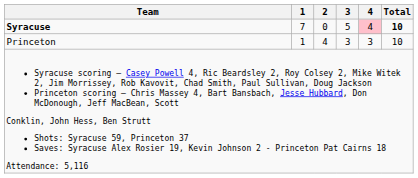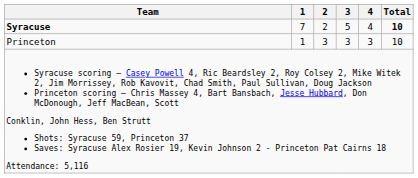 <table class="wikitable" style="text-align:center; max-width:45em">
 <tr>
 <th>Team</th>
 <th style="width:2em">1</th>
 <th style="width:2em">2</th>
 <th style="width:2em">3</th>
 <th style="width:2em">4</th>
 <th style="width:2em">Total</th>
 </tr>
 <tr>
 <td style="text-align:left"><strong>Syracuse</strong></td>
 <td>7</td>
-<td>0</td>
+<td>2</td>
 <td>5</td>
-<td style="background: pink;">4</td>
+<td>4</td>
 <td><strong>10</strong></td>
 </tr>
 <tr>
 <td style="text-align:left">Princeton</td>
 <td>1</td>
-<td>4</td>
+<td>3</td>
 <td>3</td>
 <td>3</td>
 <td>10</td>
 </tr>
 <tr>
 <td colspan=6 style="text-align:left; font-size:88%;"><br><ul><li>Syracuse scoring – <a href='#'>Casey Powell</a> 4, Ric Beardsley 2, Roy Colsey 2, Mike Witek 2, Jim Morrissey, Rob Kavovit, Chad Smith, Paul Sullivan, Doug Jackson</li><li>Princeton scoring – Chris Massey 4, Bart Bansbach, <a href='#'>Jesse Hubbard</a>, Don McDonough, Jeff MacBean, Scott</li></ul>Conklin, John Hess, Ben Strutt<ul><li>Shots: Syracuse 59, Princeton 37</li><li>Saves: Syracuse Alex Rosier 19, Kevin Johnson 2 - Princeton Pat Cairns 18</li></ul>Attendance: 5,116 </td>
 </tr>
 </table>
